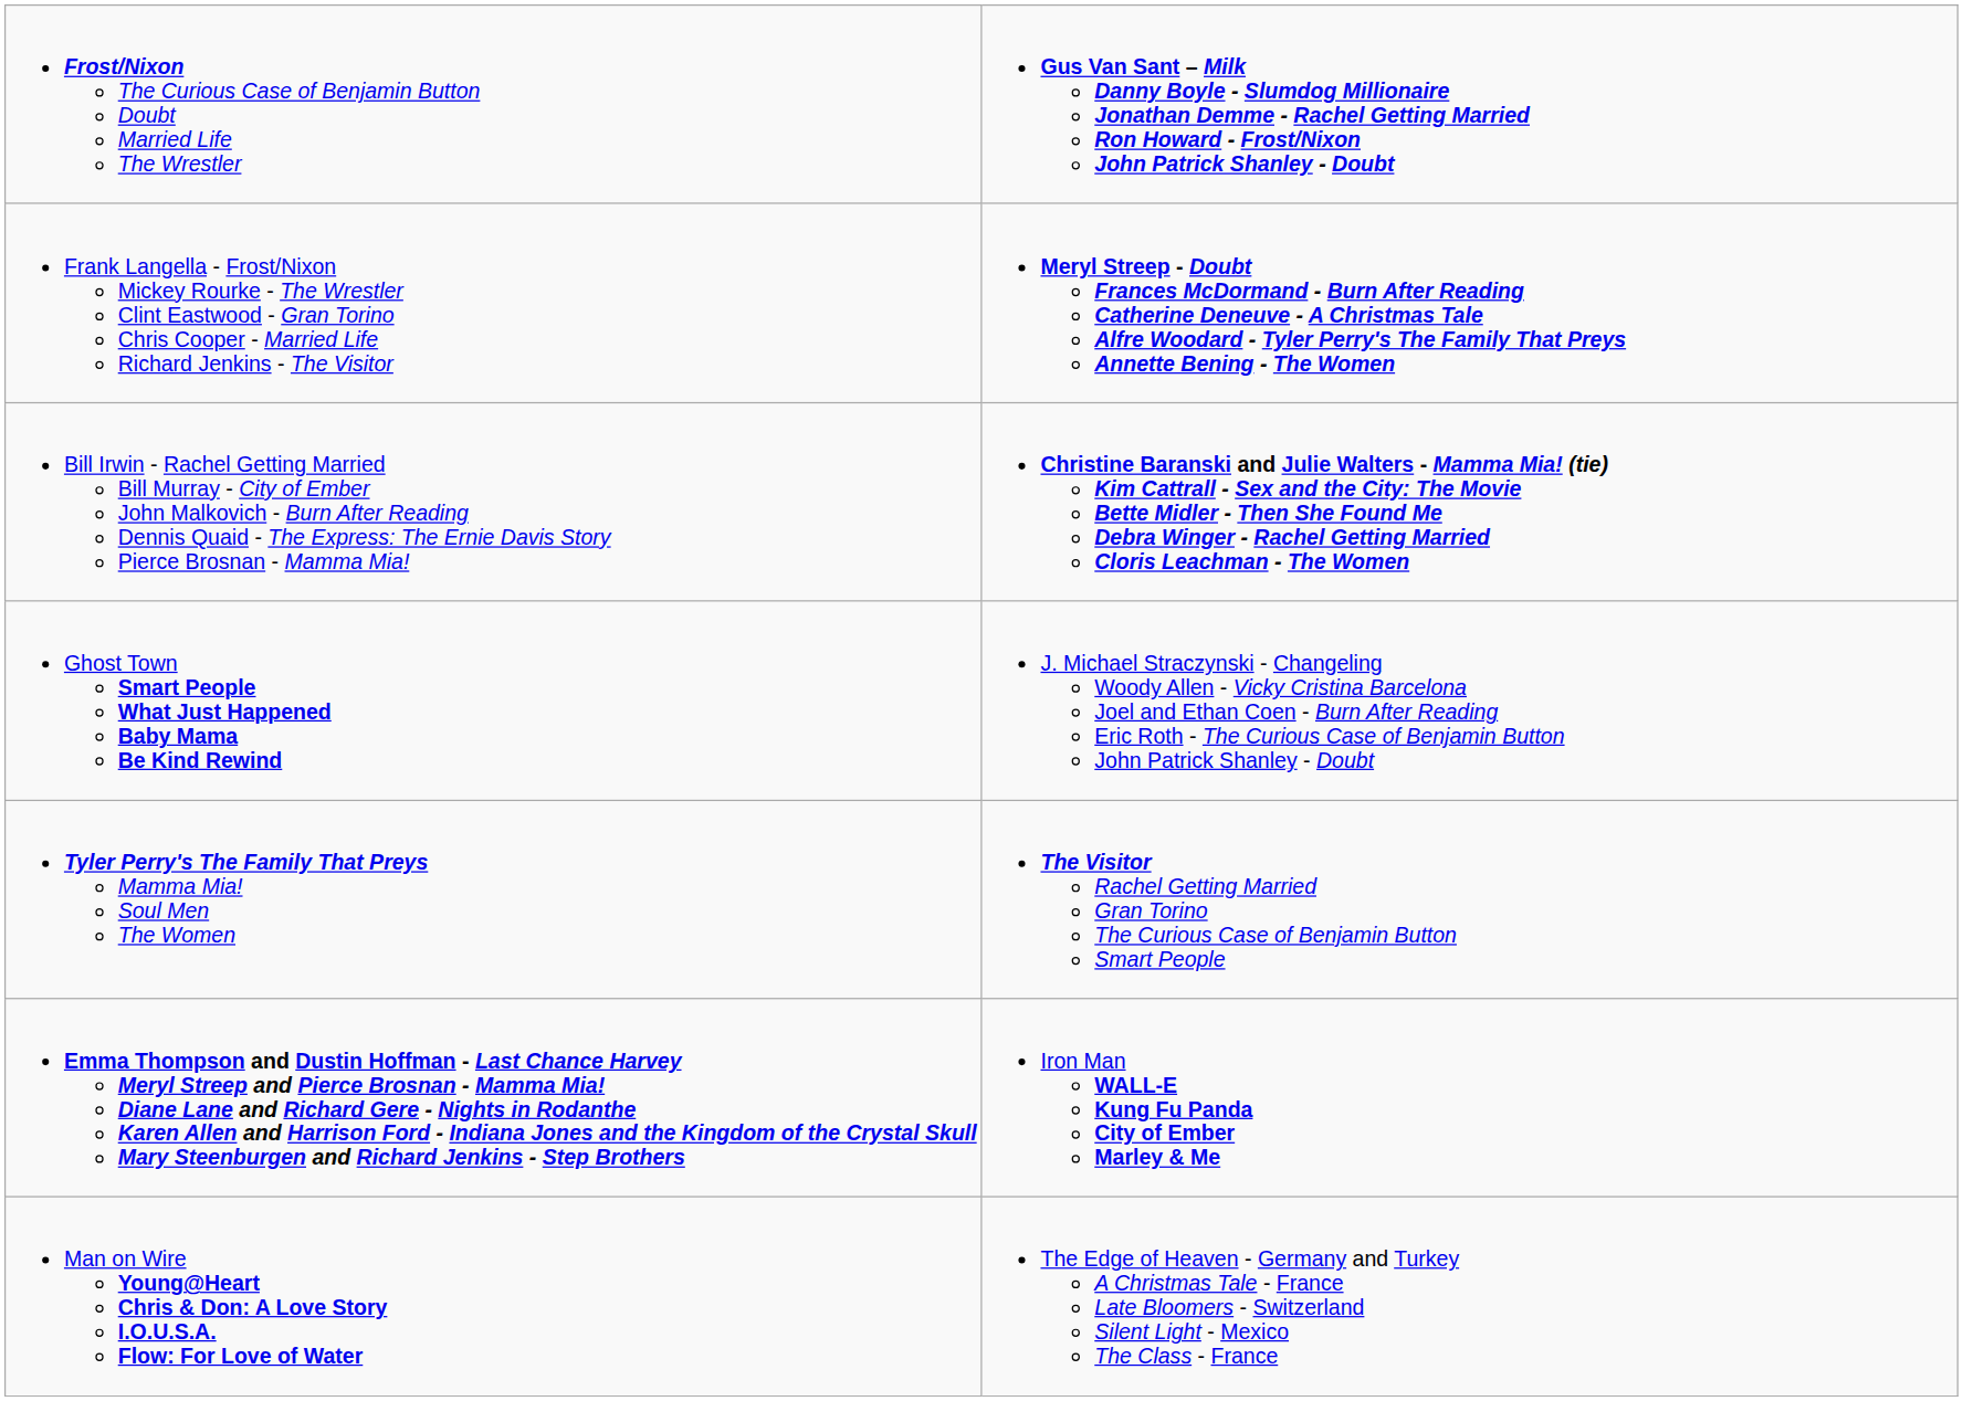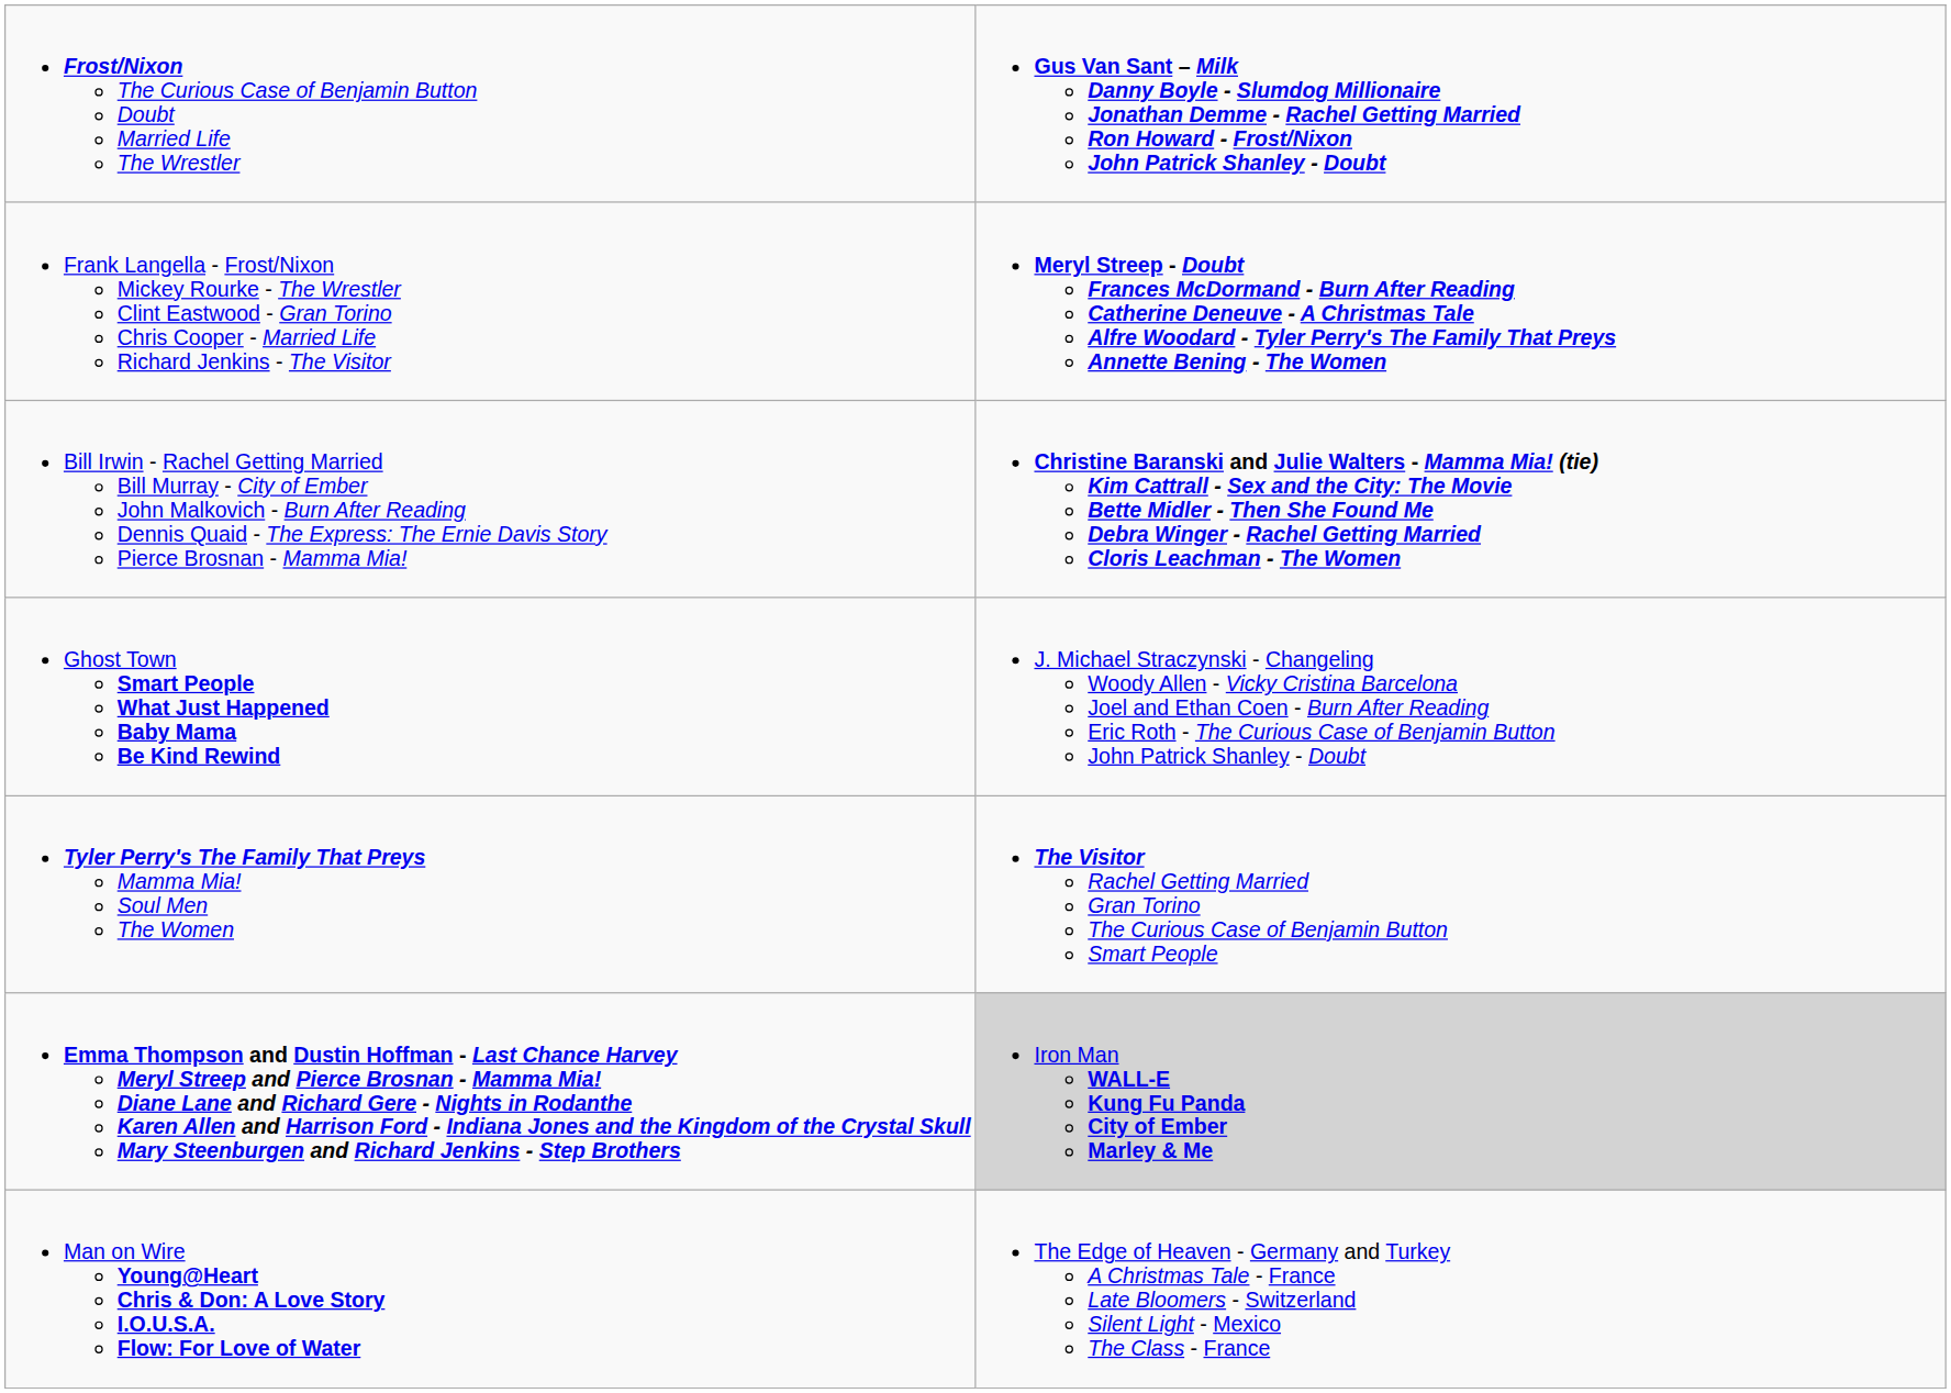 <table class=wikitable>
 <tr>
 <td style="vertical-align:top; width:50%;"><br><ul><li><strong><em><a href='#'>Frost/Nixon</a></em></strong><ul><li><em><a href='#'>The Curious Case of Benjamin Button</a></em></li><li><em><a href='#'>Doubt</a></em></li><li><em><a href='#'>Married Life</a></em></li><li><em><a href='#'>The Wrestler</a></em></li></ul></li></ul></td>
 <td style="vertical-align:top; width:50%;"><br><ul><li><strong><a href='#'>Gus Van Sant</a> – <em><a href='#'>Milk</a><strong><em><ul><li><a href='#'>Danny Boyle</a> - </em><a href='#'>Slumdog Millionaire</a><em></li><li><a href='#'>Jonathan Demme</a> - </em><a href='#'>Rachel Getting Married</a><em></li><li><a href='#'>Ron Howard</a> - </em><a href='#'>Frost/Nixon</a><em></li><li><a href='#'>John Patrick Shanley</a> - </em><a href='#'>Doubt</a><em></li></ul></li></ul></td>
 </tr>
 <tr>
 <td style="vertical-align:top; width:50%;"><br><ul><li></strong><a href='#'>Frank Langella</a> - </em><a href='#'>Frost/Nixon</a></em></strong><ul><li><a href='#'>Mickey Rourke</a> - <em><a href='#'>The Wrestler</a></em></li><li><a href='#'>Clint Eastwood</a> - <em><a href='#'>Gran Torino</a></em></li><li><a href='#'>Chris Cooper</a> - <em><a href='#'>Married Life</a></em></li><li><a href='#'>Richard Jenkins</a> - <em><a href='#'>The Visitor</a></em></li></ul></li></ul></td>
 <td style="vertical-align:top; width:50%;"><br><ul><li><strong><a href='#'>Meryl Streep</a> - <em><a href='#'>Doubt</a><strong><em><ul><li><a href='#'>Frances McDormand</a> - </em><a href='#'>Burn After Reading</a><em></li><li><a href='#'>Catherine Deneuve</a> - </em><a href='#'>A Christmas Tale</a><em></li><li><a href='#'>Alfre Woodard</a> - </em><a href='#'>Tyler Perry's The Family That Preys</a><em></li><li><a href='#'>Annette Bening</a> - </em><a href='#'>The Women</a><em></li></ul></li></ul></td>
 </tr>
 <tr>
 <td style="vertical-align:top; width:50%;"><br><ul><li></strong><a href='#'>Bill Irwin</a> - </em><a href='#'>Rachel Getting Married</a></em></strong><ul><li><a href='#'>Bill Murray</a> - <em><a href='#'>City of Ember</a></em></li><li><a href='#'>John Malkovich</a> - <em><a href='#'>Burn After Reading</a></em></li><li><a href='#'>Dennis Quaid</a> - <em><a href='#'>The Express: The Ernie Davis Story</a></em></li><li><a href='#'>Pierce Brosnan</a> - <em><a href='#'>Mamma Mia!</a></em></li></ul></li></ul></td>
 <td style="vertical-align:top; width:50%;"><br><ul><li><strong><a href='#'>Christine Baranski</a> and <a href='#'>Julie Walters</a> - <em><a href='#'>Mamma Mia!</a><strong><em> (tie)<ul><li><a href='#'>Kim Cattrall</a> - </em><a href='#'>Sex and the City: The Movie</a><em></li><li><a href='#'>Bette Midler</a> - </em><a href='#'>Then She Found Me</a><em></li><li><a href='#'>Debra Winger</a> - </em><a href='#'>Rachel Getting Married</a><em></li><li><a href='#'>Cloris Leachman</a> - </em><a href='#'>The Women</a><em></li></ul></li></ul></td>
 </tr>
 <tr>
 <td style="vertical-align:top; width:50%;"><br><ul><li></em></strong><a href='#'>Ghost Town</a><strong><em><ul><li></em><a href='#'>Smart People</a><em></li><li></em><a href='#'>What Just Happened</a><em></li><li></em><a href='#'>Baby Mama</a><em></li><li></em><a href='#'>Be Kind Rewind</a><em></li></ul></li></ul></td>
 <td style="vertical-align:top; width:50%;"><br><ul><li></strong><a href='#'>J. Michael Straczynski</a> - </em><a href='#'>Changeling</a></em></strong><ul><li><a href='#'>Woody Allen</a> - <em><a href='#'>Vicky Cristina Barcelona</a></em></li><li><a href='#'>Joel and Ethan Coen</a> - <em><a href='#'>Burn After Reading</a></em></li><li><a href='#'>Eric Roth</a> - <em><a href='#'>The Curious Case of Benjamin Button</a></em></li><li><a href='#'>John Patrick Shanley</a> - <em><a href='#'>Doubt</a></em></li></ul></li></ul></td>
 </tr>
 <tr>
 <td style="vertical-align:top; width:50%;"><br><ul><li><strong><em><a href='#'>Tyler Perry's The Family That Preys</a></em></strong><ul><li><em><a href='#'>Mamma Mia!</a></em></li><li><em><a href='#'>Soul Men</a></em></li><li><em><a href='#'>The Women</a></em></li></ul></li></ul></td>
 <td style="vertical-align:top; width:50%;"><br><ul><li><strong><em><a href='#'>The Visitor</a></em></strong><ul><li><em><a href='#'>Rachel Getting Married</a></em></li><li><em><a href='#'>Gran Torino</a></em></li><li><em><a href='#'>The Curious Case of Benjamin Button</a></em></li><li><em><a href='#'>Smart People</a></em></li></ul></li></ul></td>
 </tr>
 <tr>
 <td style="vertical-align:top; width:50%;"><br><ul><li><strong><a href='#'>Emma Thompson</a> and <a href='#'>Dustin Hoffman</a> - <em><a href='#'>Last Chance Harvey</a><strong><em><ul><li><a href='#'>Meryl Streep</a> and <a href='#'>Pierce Brosnan</a> - </em><a href='#'>Mamma Mia!</a><em></li><li><a href='#'>Diane Lane</a> and <a href='#'>Richard Gere</a> - </em><a href='#'>Nights in Rodanthe</a><em></li><li><a href='#'>Karen Allen</a> and <a href='#'>Harrison Ford</a> - </em><a href='#'>Indiana Jones and the Kingdom of the Crystal Skull</a><em></li><li><a href='#'>Mary Steenburgen</a> and <a href='#'>Richard Jenkins</a> - </em><a href='#'>Step Brothers</a><em></li></ul></li></ul></td>
-<td style="vertical-align:top; width:50%;"><br><ul><li></em></strong><a href='#'>Iron Man</a><strong><em><ul><li></em><a href='#'>WALL-E</a><em></li><li></em><a href='#'>Kung Fu Panda</a><em></li><li></em><a href='#'>City of Ember</a><em></li><li></em><a href='#'>Marley & Me</a><em></li></ul></li></ul></td>
+<td style="background: lightgrey; vertical-align:top; width:50%;"><br><ul><li></em></strong><a href='#'>Iron Man</a><strong><em><ul><li></em><a href='#'>WALL-E</a><em></li><li></em><a href='#'>Kung Fu Panda</a><em></li><li></em><a href='#'>City of Ember</a><em></li><li></em><a href='#'>Marley & Me</a><em></li></ul></li></ul></td>
 </tr>
 <tr>
 <td style="vertical-align:top; width:50%;"><br><ul><li></em></strong><a href='#'>Man on Wire</a><strong><em><ul><li></em><a href='#'>Young@Heart</a><em></li><li></em><a href='#'>Chris & Don: A Love Story</a><em></li><li></em><a href='#'>I.O.U.S.A.</a><em></li><li></em><a href='#'>Flow: For Love of Water</a><em></li></ul></li></ul></td>
 <td style="vertical-align:top; width:50%;"><br><ul><li></em></strong><a href='#'>The Edge of Heaven</a></em> - <a href='#'>Germany</a> and <a href='#'>Turkey</a></strong><ul><li><em><a href='#'>A Christmas Tale</a></em> - <a href='#'>France</a></li><li><em><a href='#'>Late Bloomers</a></em> - <a href='#'>Switzerland</a></li><li><em><a href='#'>Silent Light</a></em> - <a href='#'>Mexico</a></li><li><em><a href='#'>The Class</a></em> - <a href='#'>France</a></li></ul></li></ul></td>
 </tr>
 </table>
